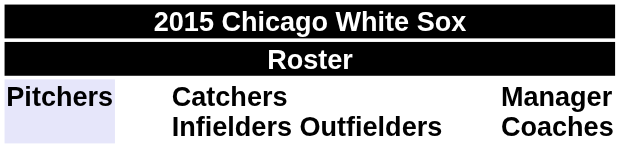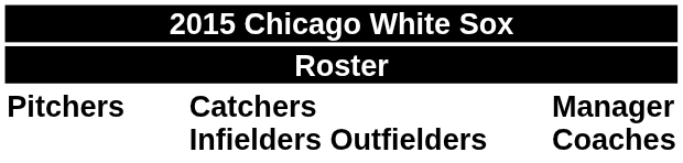 <table class="toccolours" style="font-size: 95%;">
 <tr>
 <th colspan="10" style="background:black; color:#fff; text-align:center;">2015 Chicago White Sox</th>
 </tr>
 <tr>
 <td colspan="10" style="background:black; color:white; text-align:center;"><strong>Roster</strong></td>
 </tr>
 <tr>
-<td valign="top" style="background: lavender;"><strong>Pitchers</strong><br>                    </td>
+<td valign="top"><strong>Pitchers</strong><br>                    </td>
 <td style="width:25px;"></td>
 <td valign="top"><strong>Catchers</strong><br>   <strong>Infielders</strong>           <strong>Outfielders</strong>      </td>
 <td style="width:25px;"></td>
 <td valign="top"><strong>Manager</strong><br> <strong>Coaches</strong>                </td>
 </tr>
 </table>
